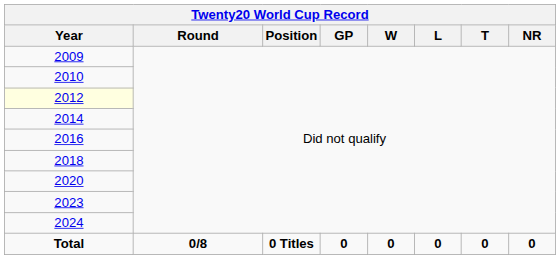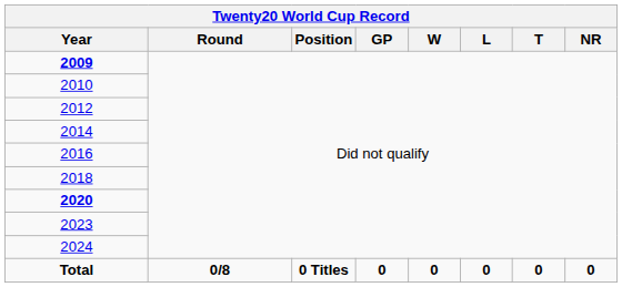 <table class="wikitable" style="text-align: center; width=900px;">
 <tr>
 <th colspan="8"><a href='#'>Twenty20 World Cup Record</a></th>
 </tr>
 <tr>
 <th width=150>Year</th>
 <th width=150>Round</th>
 <th width=50>Position</th>
 <th width=50>GP</th>
 <th width=50>W</th>
 <th width=50>L</th>
 <th width=50>T</th>
 <th width=50>NR</th>
 </tr>
 <tr>
-<td> <a href='#'>2009</a></td>
+<td><strong> <a href='#'>2009</a></strong></td>
 <td colspan=7  rowspan=9>Did not qualify</td>
 </tr>
 <tr>
 <td> <a href='#'>2010</a></td>
 </tr>
 <tr>
-<td style="background: lightyellow;"> <a href='#'>2012</a></td>
+<td> <a href='#'>2012</a></td>
 </tr>
 <tr>
 <td> <a href='#'>2014</a></td>
 </tr>
 <tr>
 <td> <a href='#'>2016</a></td>
 </tr>
 <tr>
 <td> <a href='#'>2018</a></td>
 </tr>
 <tr>
-<td> <a href='#'>2020</a></td>
+<td><strong> <a href='#'>2020</a></strong></td>
 </tr>
 <tr>
 <td> <a href='#'>2023</a></td>
 </tr>
 <tr>
 <td> <a href='#'>2024</a></td>
 </tr>
 <tr>
 <td><strong>Total</strong></td>
 <td><strong>0/8</strong></td>
 <td><strong>0 Titles</strong></td>
 <td><strong>0</strong></td>
 <td><strong>0</strong></td>
 <td><strong>0</strong></td>
 <td><strong>0</strong></td>
 <td><strong>0</strong></td>
 </tr>
 </table>
